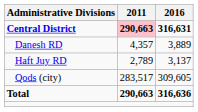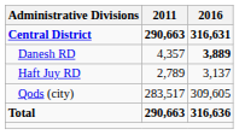 <table class="wikitable">
 <tr>
 <th>Administrative Divisions</th>
 <th>2011</th>
 <th>2016</th>
 </tr>
 <tr>
 <td><strong><a href='#'>Central District</a></strong></td>
-<td style="background: pink; text-align: right;"><strong>290,663</strong></td>
+<td style="text-align: right;"><strong>290,663</strong></td>
 <td style="text-align: right;"><strong>316,631</strong></td>
 </tr>
 <tr>
 <td style="padding-left: 1em;"><a href='#'>Danesh RD</a></td>
 <td style="text-align: right;">4,357</td>
-<td style="text-align: right;">3,889</td>
+<td style="text-align: right;"><strong>3,889</strong></td>
 </tr>
 <tr>
 <td style="padding-left: 1em;"><a href='#'>Haft Juy RD</a></td>
 <td style="text-align: right;">2,789</td>
 <td style="text-align: right;">3,137</td>
 </tr>
 <tr>
 <td style="padding-left: 1em;"><a href='#'>Qods</a> (city)</td>
 <td style="text-align: right;">283,517</td>
 <td style="text-align: right;">309,605</td>
 </tr>
 <tr>
 <td><strong>Total</strong></td>
 <td style="text-align: right;"><strong>290,663</strong></td>
 <td style="text-align: right;"><strong>316,636</strong></td>
 </tr>
 <tr>
 <td colspan=3></td>
 </tr>
 </table>
